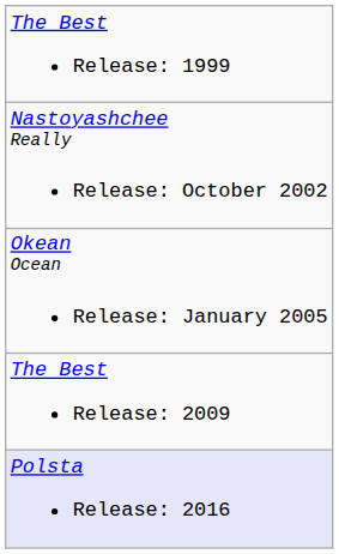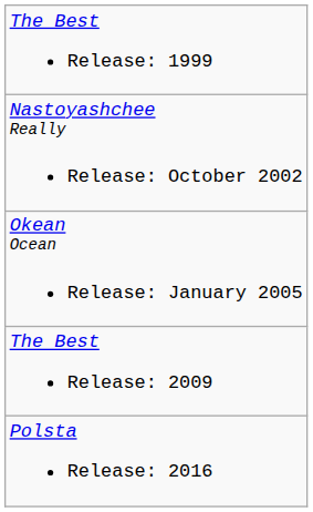 <table class="wikitable">
 <tr>
 <td align="left"><em><a href='#'>The Best</a></em><br><ul><li>Release: 1999</li></ul></td>
 </tr>
 <tr>
 <td align="left"><em><a href='#'>Nastoyashchee</a></em><br><sup><em>Really</em></sup><br><ul><li>Release: October 2002</li></ul></td>
 </tr>
 <tr>
 <td align="left"><em><a href='#'>Okean</a></em><br><sup><em>Ocean</em></sup><br><ul><li>Release: January 2005</li></ul></td>
 </tr>
 <tr>
 <td align="left"><em><a href='#'>The Best</a></em><br><ul><li>Release: 2009</li></ul></td>
 </tr>
 <tr>
-<td align="left" style="background: lavender;"><em><a href='#'>Polsta</a></em><br><ul><li>Release: 2016</li></ul></td>
+<td align="left"><em><a href='#'>Polsta</a></em><br><ul><li>Release: 2016</li></ul></td>
 </tr>
 </table>
